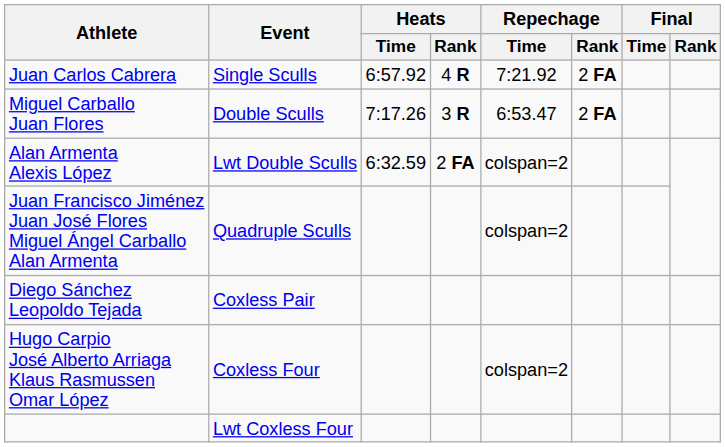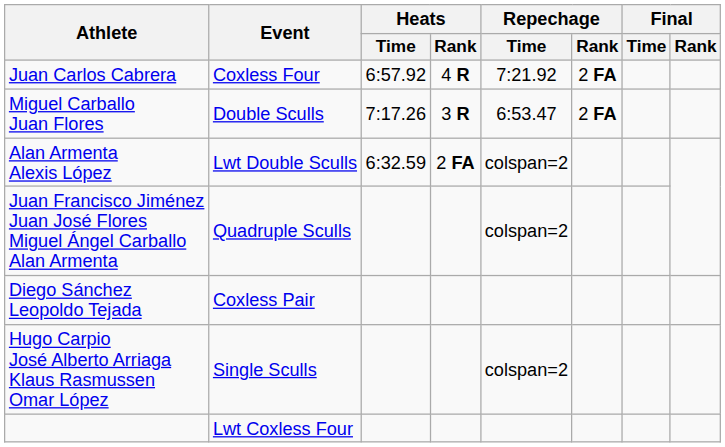 <table class="wikitable" style="font-size:90%">
 <tr>
 <th rowspan=2>Athlete</th>
 <th rowspan=2>Event</th>
 <th colspan="2">Heats</th>
 <th colspan="2">Repechage</th>
 <th colspan="2">Final</th>
 </tr>
 <tr style="font-size:95%">
 <th>Time</th>
 <th>Rank</th>
 <th>Time</th>
 <th>Rank</th>
 <th>Time</th>
 <th>Rank</th>
 </tr>
 <tr align=center>
 <td align=left><a href='#'>Juan Carlos Cabrera</a></td>
-<td align=left><a href='#'>Single Sculls</a></td>
+<td align=left><a href='#'>Coxless Four</a></td>
 <td>6:57.92</td>
 <td>4 <strong>R</strong></td>
 <td>7:21.92</td>
 <td>2 <strong>FA</strong></td>
 <td></td>
 <td></td>
 </tr>
 <tr align=center>
 <td align=left><a href='#'>Miguel Carballo</a><br><a href='#'>Juan Flores</a></td>
 <td align=left><a href='#'>Double Sculls</a></td>
 <td>7:17.26</td>
 <td>3 <strong>R</strong></td>
 <td>6:53.47</td>
 <td>2 <strong>FA</strong></td>
 <td></td>
 <td></td>
 </tr>
 <tr align=center>
 <td align=left><a href='#'>Alan Armenta</a><br><a href='#'>Alexis López</a></td>
 <td align=left><a href='#'>Lwt Double Sculls</a></td>
 <td>6:32.59</td>
 <td>2 <strong>FA</strong></td>
 <td>colspan=2 </td>
 <td></td>
 <td></td>
 </tr>
 <tr align=center>
 <td align=left><a href='#'>Juan Francisco Jiménez</a><br><a href='#'>Juan José Flores</a><br><a href='#'>Miguel Ángel Carballo</a><br><a href='#'>Alan Armenta</a></td>
 <td align=left><a href='#'>Quadruple Sculls</a></td>
 <td></td>
 <td></td>
 <td>colspan=2 </td>
 <td></td>
 <td></td>
 </tr>
 <tr align=center>
 <td align=left><a href='#'>Diego Sánchez</a><br><a href='#'>Leopoldo Tejada</a></td>
 <td align=left><a href='#'>Coxless Pair</a></td>
 <td></td>
 <td></td>
 <td></td>
 <td></td>
 <td></td>
 <td></td>
 </tr>
 <tr align=center>
 <td align=left><a href='#'>Hugo Carpio</a><br><a href='#'>José Alberto Arriaga</a><br><a href='#'>Klaus Rasmussen</a><br><a href='#'>Omar López</a></td>
-<td align=left><a href='#'>Coxless Four</a></td>
+<td align=left><a href='#'>Single Sculls</a></td>
 <td></td>
 <td></td>
 <td>colspan=2 </td>
 <td></td>
 <td></td>
 </tr>
 <tr align=center>
 <td align=left></td>
 <td align=left><a href='#'>Lwt Coxless Four</a></td>
 <td></td>
 <td></td>
 <td></td>
 <td></td>
 <td></td>
 <td></td>
 </tr>
 </table>
